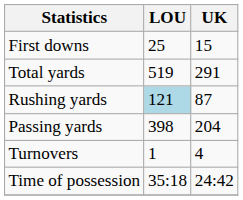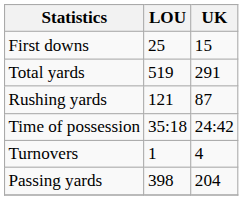 <table class="wikitable">
 <tr>
 <th>Statistics</th>
 <th>LOU</th>
 <th>UK</th>
 </tr>
 <tr>
 <td>First downs</td>
 <td>25</td>
 <td>15</td>
 </tr>
 <tr>
 <td>Total yards</td>
 <td>519</td>
 <td>291</td>
 </tr>
 <tr>
 <td>Rushing yards</td>
-<td style="background: lightblue;">121</td>
+<td>121</td>
 <td>87</td>
+</tr>
+<tr>
+<td>Time of possession</td>
+<td>35:18</td>
+<td>24:42</td>
+</tr>
+<tr>
+<td>Turnovers</td>
+<td>1</td>
+<td>4</td>
 </tr>
 <tr>
 <td>Passing yards</td>
 <td>398</td>
 <td>204</td>
 </tr>
 <tr>
-<td>Turnovers</td>
-<td>1</td>
-<td>4</td>
-</tr>
-<tr>
-<td>Time of possession</td>
-<td>35:18</td>
-<td>24:42</td>
-</tr>
-<tr>
 </tr>
 </table>
